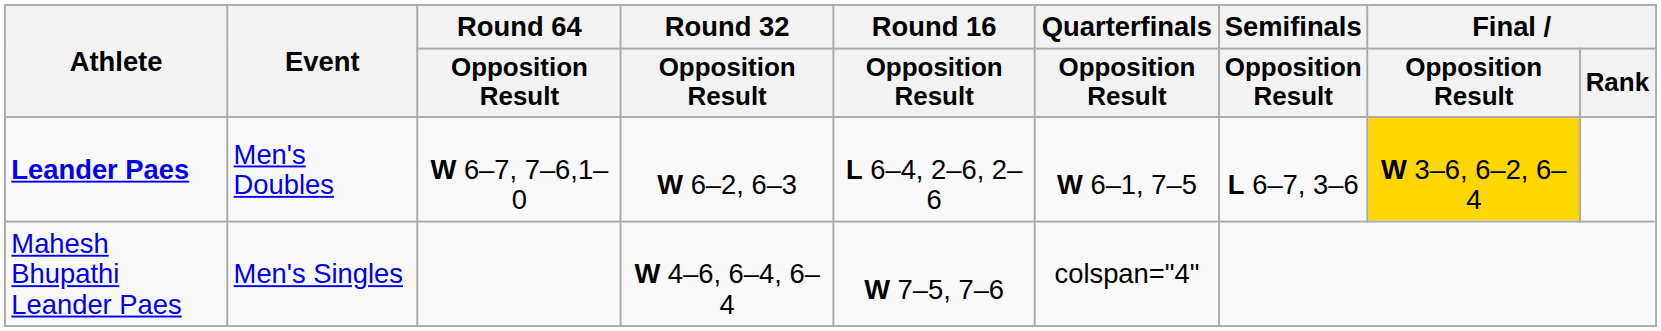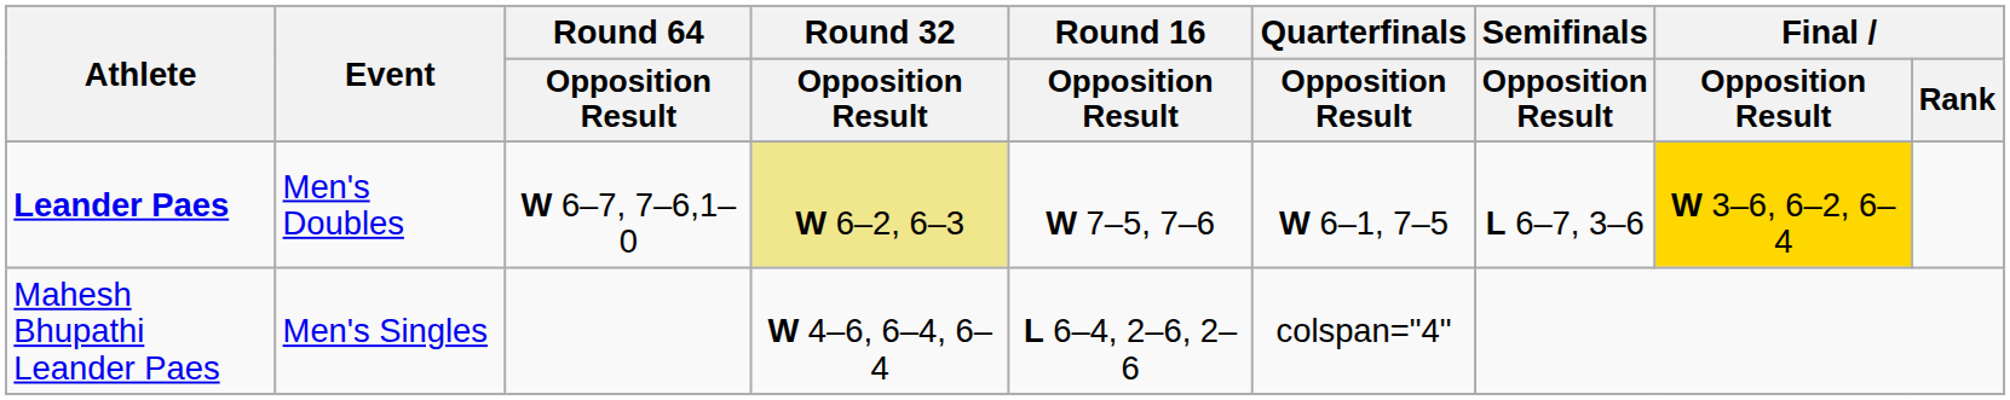 <table class="wikitable" style="font-size:90%;">
 <tr>
 <th rowspan=2>Athlete</th>
 <th rowspan=2>Event</th>
 <th>Round 64</th>
 <th>Round 32</th>
 <th>Round 16</th>
 <th>Quarterfinals</th>
 <th>Semifinals</th>
 <th colspan=2>Final / </th>
 </tr>
 <tr style="font-size:95%">
 <th>Opposition<br>Result</th>
 <th>Opposition<br>Result</th>
 <th>Opposition<br>Result</th>
 <th>Opposition<br>Result</th>
 <th>Opposition<br>Result</th>
 <th>Opposition<br>Result</th>
 <th>Rank</th>
 </tr>
 <tr align=center>
 <td align=left><strong><a href='#'>Leander Paes</a></strong></td>
 <td align=left><a href='#'>Men's Doubles</a></td>
 <td><br><strong>W</strong> 6–7, 7–6,1–0 </td>
-<td><br><strong>W</strong> 6–2, 6–3</td>
-<td><br><strong>L</strong> 6–4, 2–6, 2–6</td>
+<td style="background: khaki;"><br><strong>W</strong> 6–2, 6–3</td>
+<td><br><strong>W</strong> 7–5, 7–6</td>
 <td><br><strong>W</strong> 6–1, 7–5</td>
 <td><br><strong>L</strong> 6–7, 3–6</td>
 <td style="background: gold;"><br><strong>W</strong>  3–6, 6–2, 6–4</td>
 <td></td>
 </tr>
 <tr align=center>
 <td align=left><a href='#'>Mahesh Bhupathi</a><br><a href='#'>Leander Paes</a></td>
 <td align=left><a href='#'>Men's Singles</a></td>
 <td></td>
 <td><br><strong>W</strong> 4–6, 6–4, 6–4</td>
-<td><br><strong>W</strong> 7–5, 7–6</td>
+<td><br><strong>L</strong> 6–4, 2–6, 2–6</td>
 <td>colspan="4" </td>
 </tr>
 </table>
